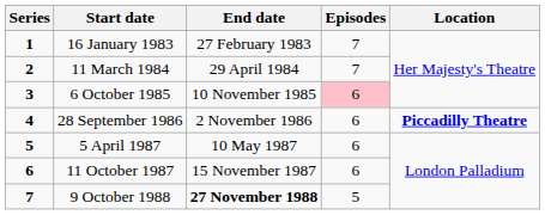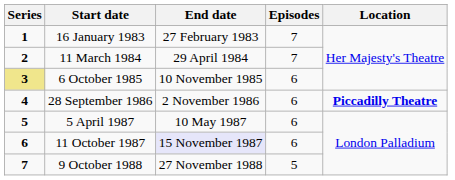 <table class="wikitable" style="text-align:center;">
 <tr>
 <th>Series</th>
 <th>Start date</th>
 <th>End date</th>
 <th>Episodes</th>
 <th>Location</th>
 </tr>
 <tr>
 <td><strong>1</strong></td>
 <td>16 January 1983</td>
 <td>27 February 1983</td>
 <td>7</td>
 <td rowspan="3"><a href='#'>Her Majesty's Theatre</a></td>
 </tr>
 <tr>
 <td><strong>2</strong></td>
 <td>11 March 1984</td>
 <td>29 April 1984</td>
 <td>7</td>
 </tr>
 <tr>
-<td><strong>3</strong></td>
+<td style="background: khaki;"><strong>3</strong></td>
 <td>6 October 1985</td>
 <td>10 November 1985</td>
-<td style="background: pink;">6</td>
+<td>6</td>
 </tr>
 <tr>
 <td><strong>4</strong></td>
 <td>28 September 1986</td>
 <td>2 November 1986</td>
 <td>6</td>
 <td><strong><a href='#'>Piccadilly Theatre</a></strong></td>
 </tr>
 <tr>
 <td><strong>5</strong></td>
 <td>5 April 1987</td>
 <td>10 May 1987</td>
 <td>6</td>
 <td rowspan="3"><a href='#'>London Palladium</a></td>
 </tr>
 <tr>
 <td><strong>6</strong></td>
 <td>11 October 1987</td>
-<td>15 November 1987</td>
+<td style="background: lavender;">15 November 1987</td>
 <td>6</td>
 </tr>
 <tr>
 <td><strong>7</strong></td>
 <td>9 October 1988</td>
-<td><strong>27 November 1988</strong></td>
+<td>27 November 1988</td>
 <td>5</td>
 </tr>
 </table>
